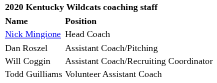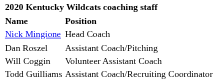 <table class="toccolours" style="text-align: left; font-size:90%;">
 <tr>
 <th colspan="9">2020 Kentucky Wildcats coaching staff</th>
 </tr>
 <tr>
 <th>Name</th>
 <th>Position</th>
 </tr>
 <tr>
 <td><a href='#'>Nick Mingione</a></td>
 <td>Head Coach</td>
 </tr>
 <tr>
 <td>Dan Roszel</td>
 <td>Assistant Coach/Pitching</td>
 </tr>
 <tr>
 <td>Will Coggin</td>
-<td>Assistant Coach/Recruiting Coordinator</td>
+<td>Volunteer Assistant Coach</td>
 </tr>
 <tr>
 <td>Todd Guilliams</td>
-<td>Volunteer Assistant Coach</td>
+<td>Assistant Coach/Recruiting Coordinator</td>
 </tr>
 </table>
